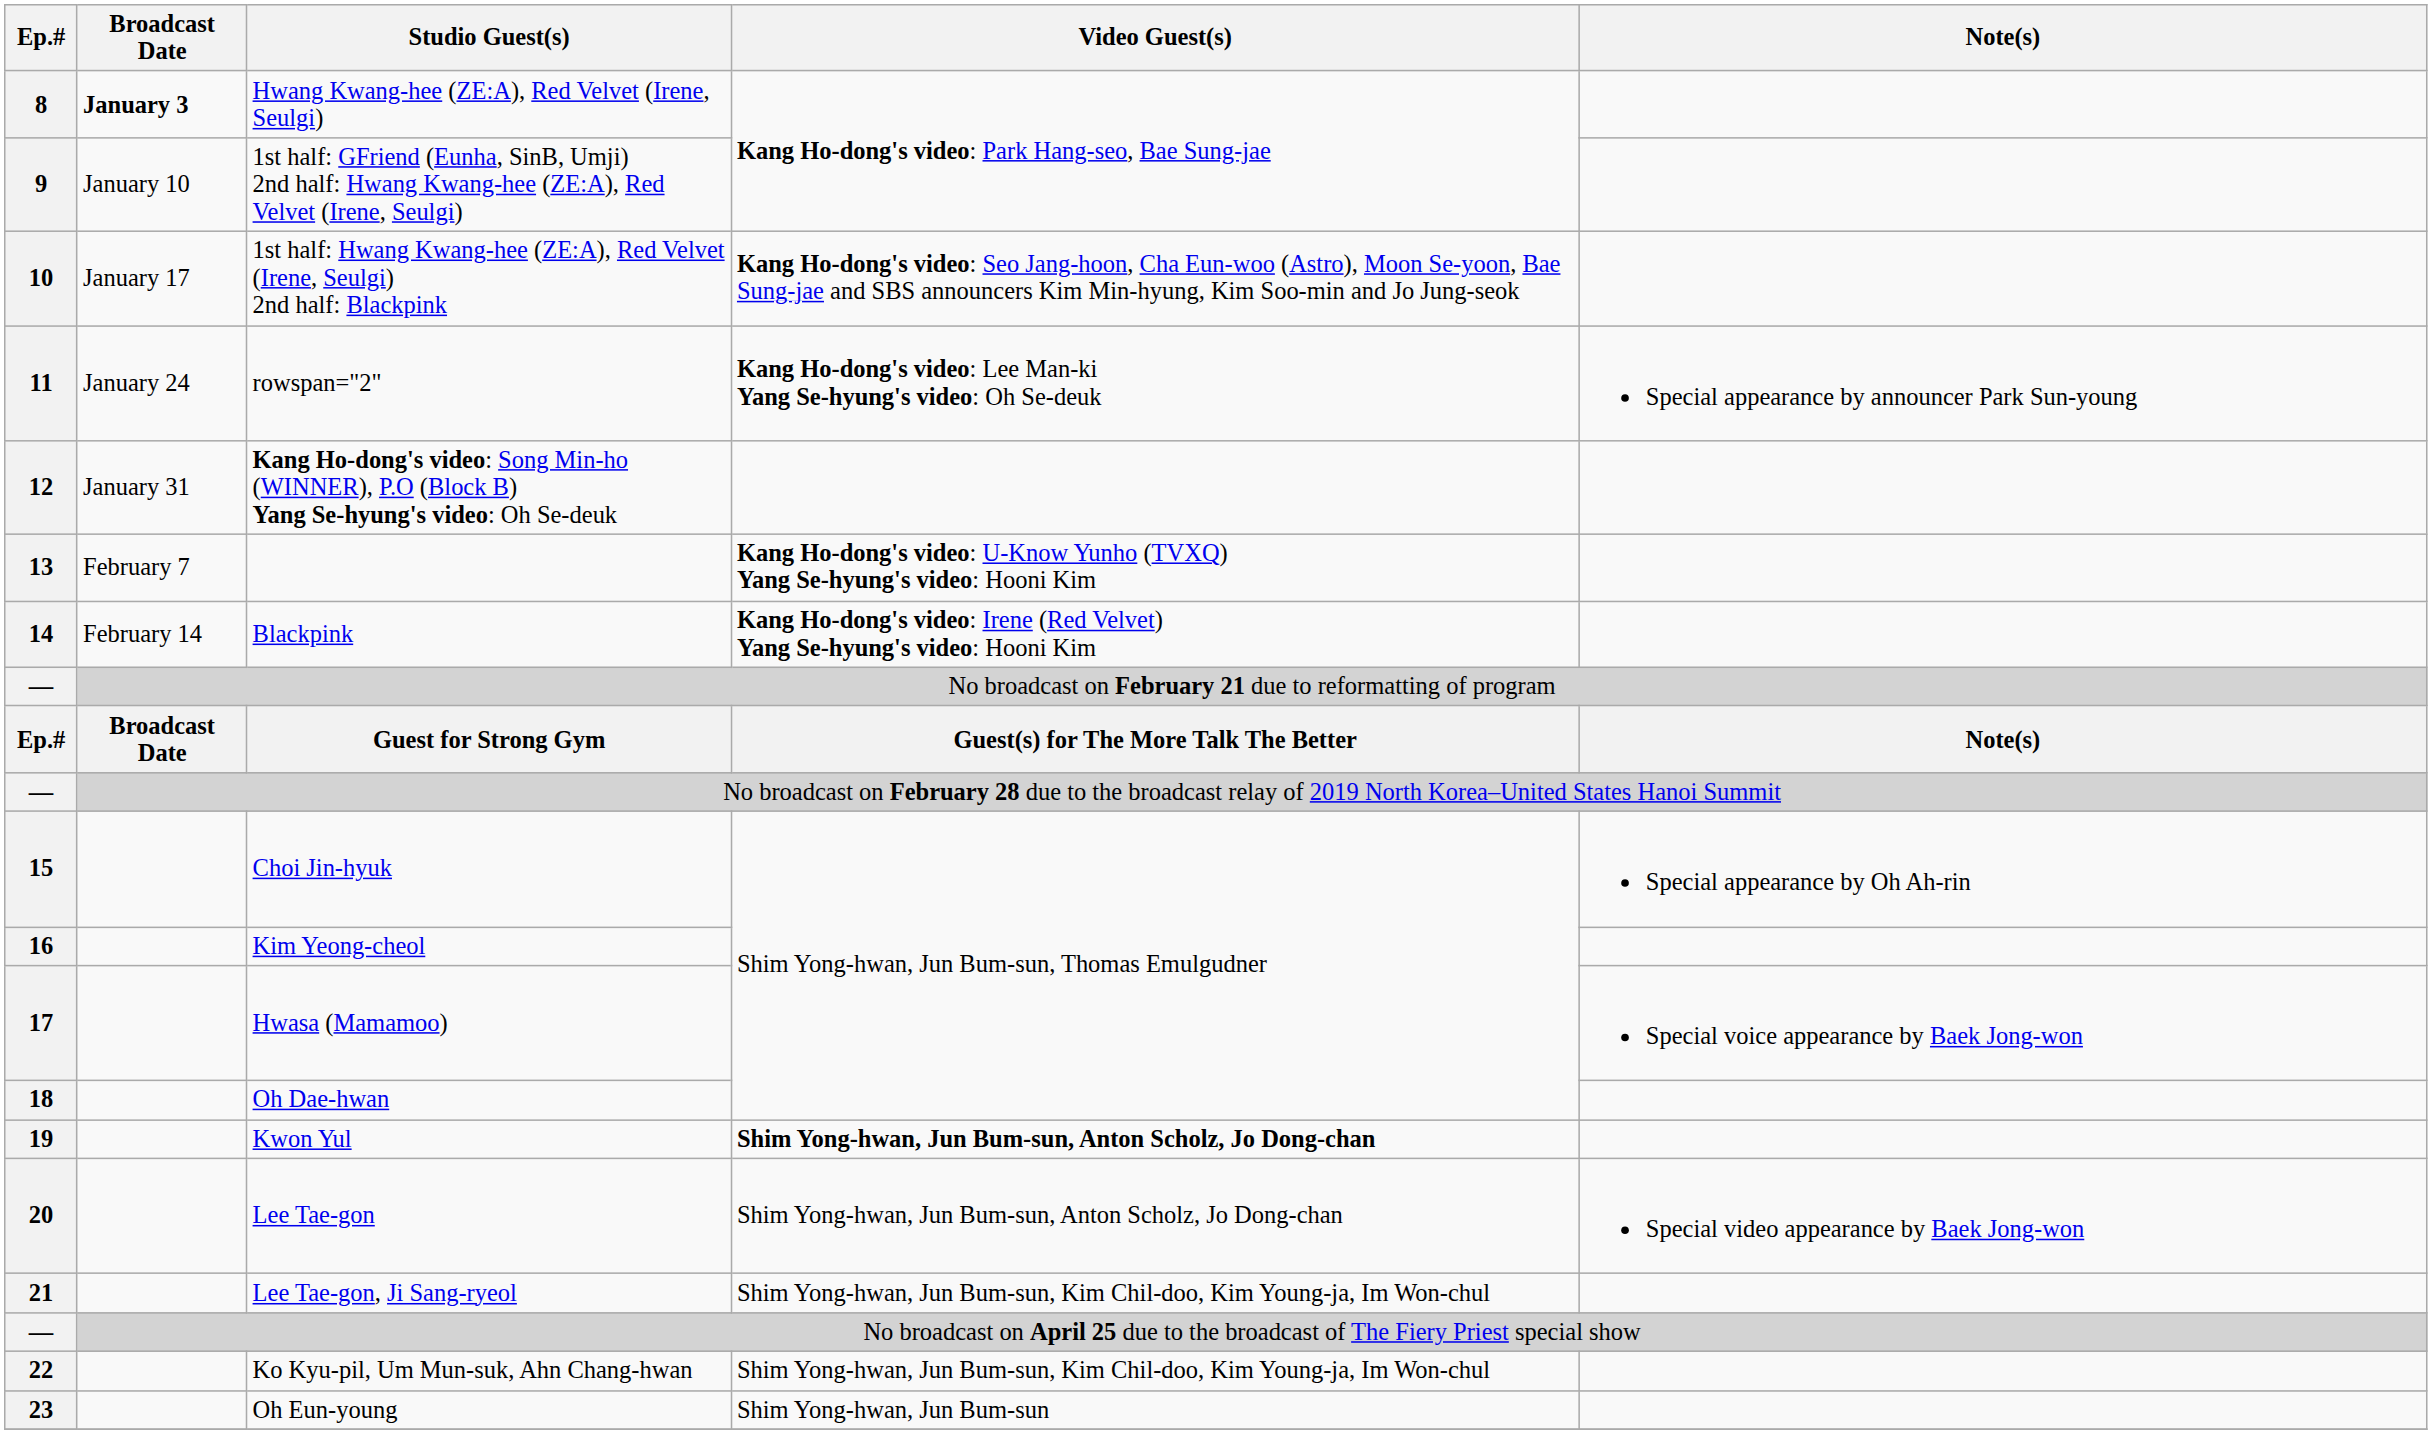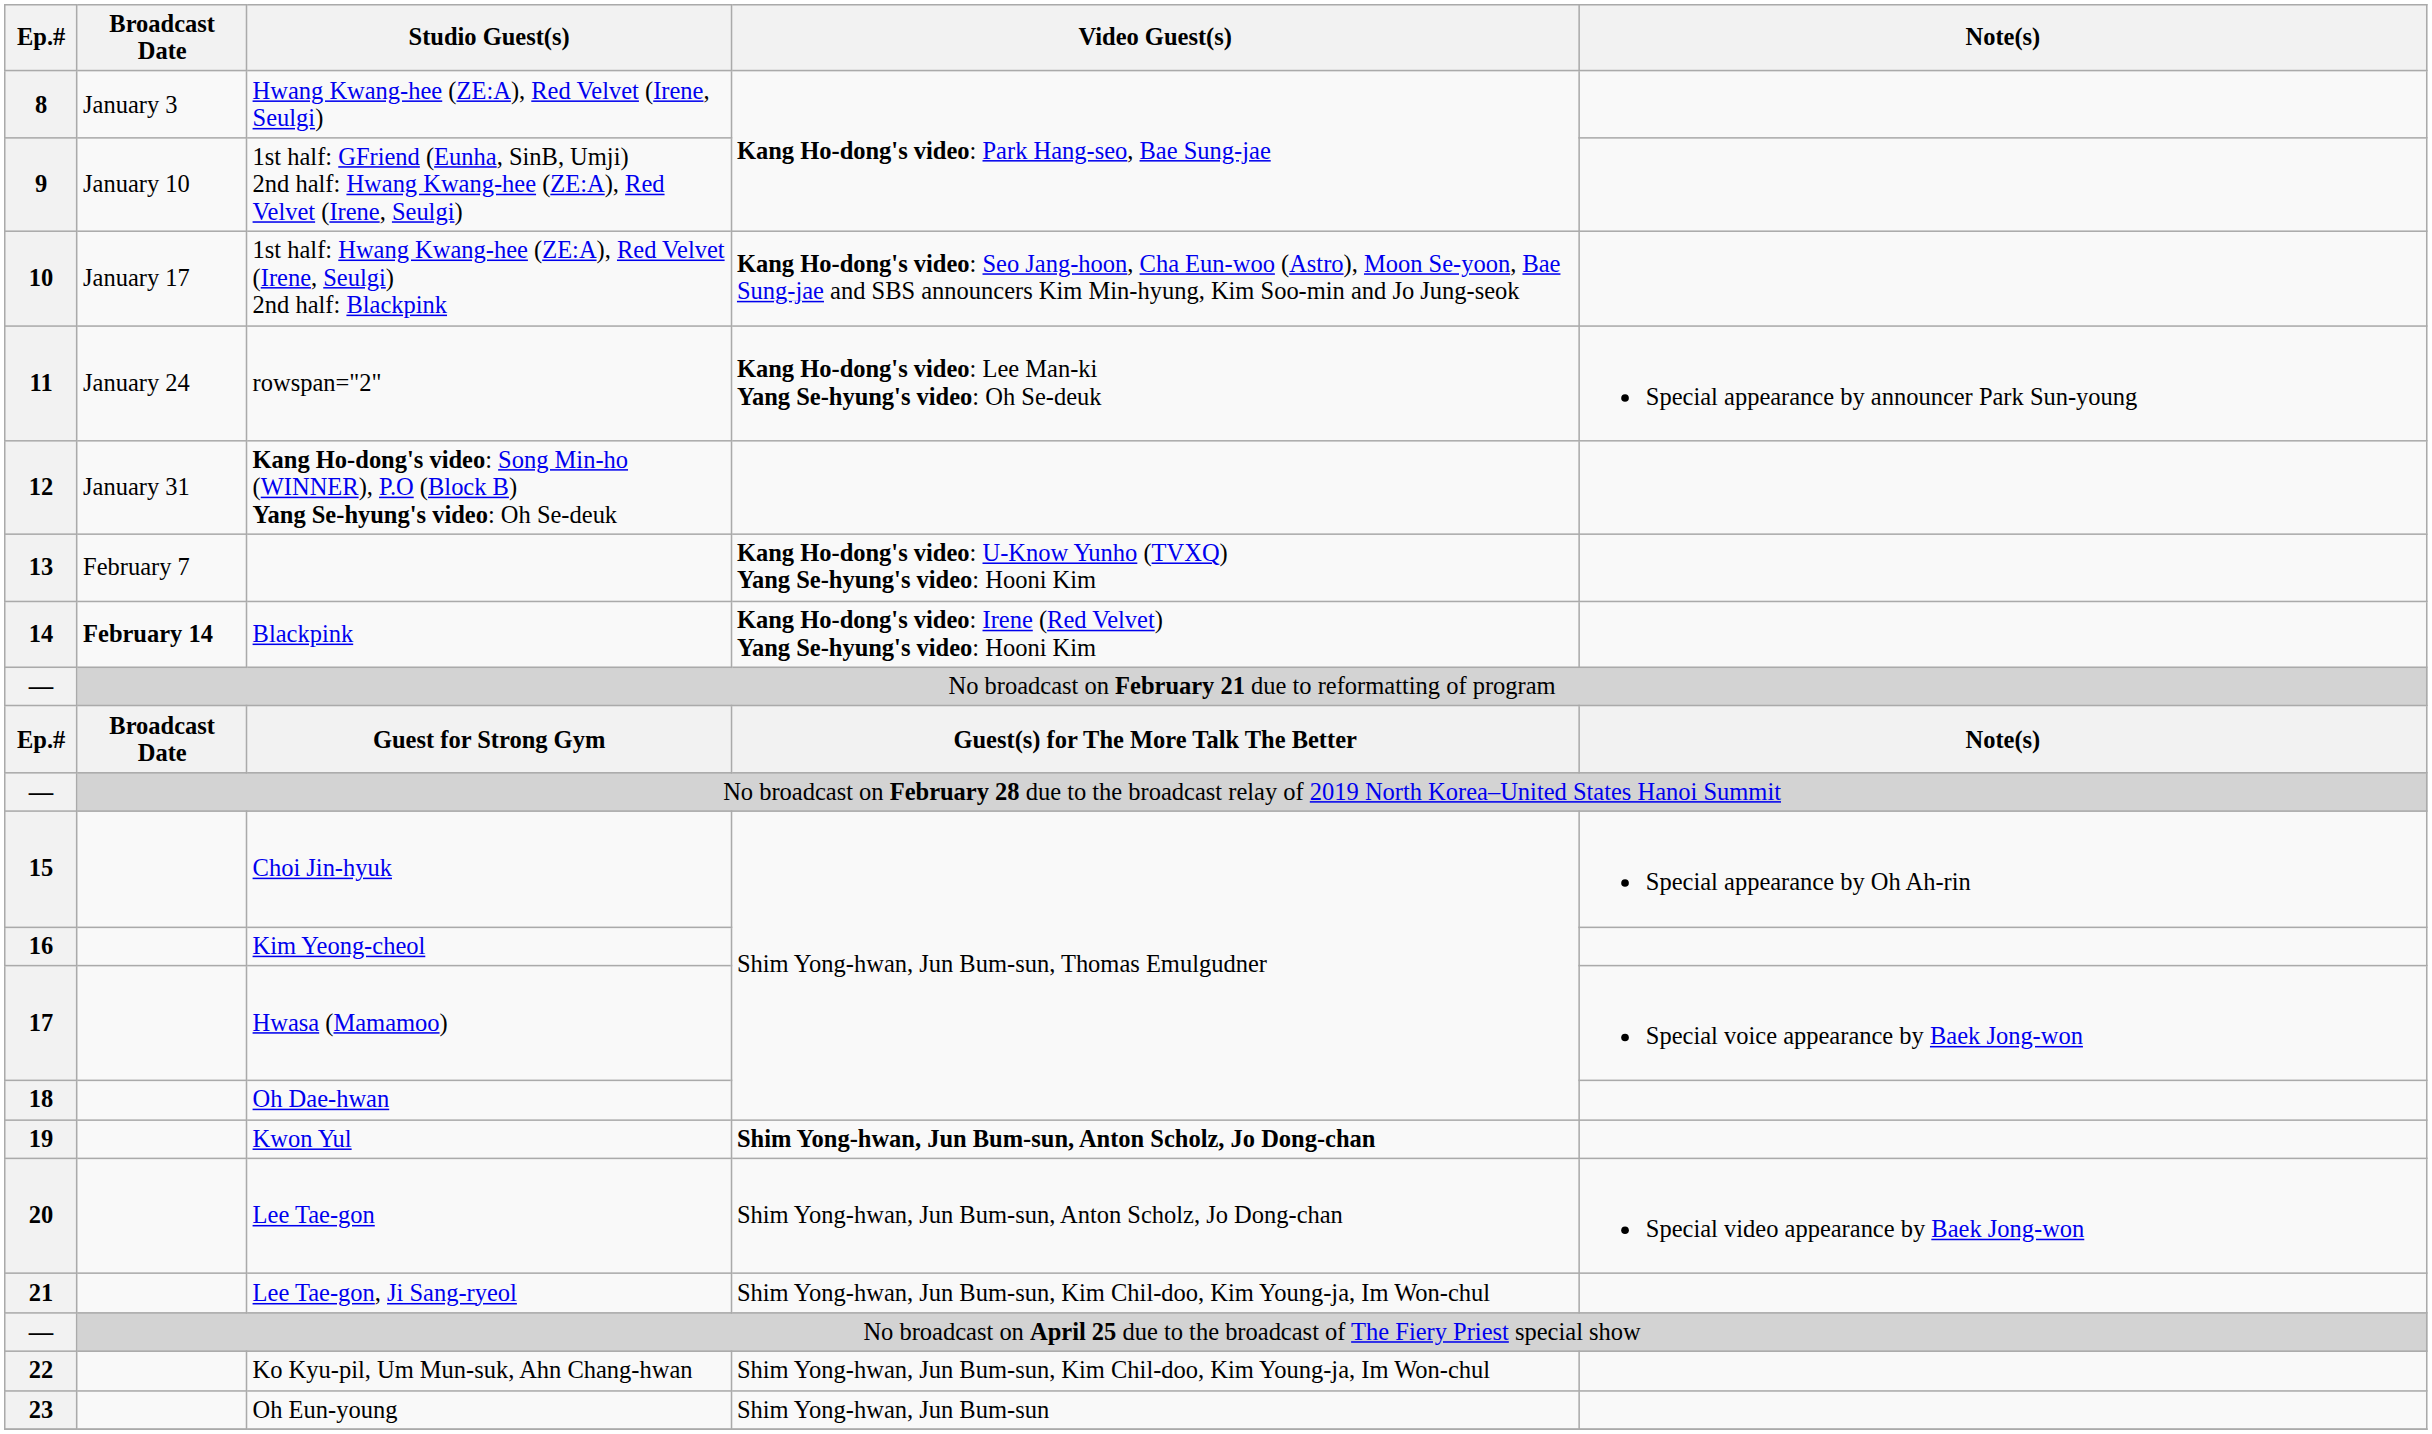 <table Class ="wikitable" style="width: 100%" style="text-align:center">
 <tr>
 <th width=3%>Ep.#</th>
 <th width=7%>Broadcast Date</th>
 <th width=20%>Studio Guest(s)</th>
 <th width=35%>Video Guest(s)</th>
 <th width=35%>Note(s)</th>
 </tr>
 <tr>
 <th>8</th>
-<td><strong>January 3</strong></td>
+<td>January 3</td>
 <td><a href='#'>Hwang Kwang-hee</a> (<a href='#'>ZE:A</a>), <a href='#'>Red Velvet</a> (<a href='#'>Irene</a>, <a href='#'>Seulgi</a>)</td>
 <td rowspan="2"><strong>Kang Ho-dong's video</strong>: <a href='#'>Park Hang-seo</a>, <a href='#'>Bae Sung-jae</a></td>
 <td></td>
 </tr>
 <tr>
 <th>9</th>
 <td>January 10</td>
 <td>1st half: <a href='#'>GFriend</a> (<a href='#'>Eunha</a>, SinB, Umji)<br>2nd half: <a href='#'>Hwang Kwang-hee</a> (<a href='#'>ZE:A</a>), <a href='#'>Red Velvet</a> (<a href='#'>Irene</a>, <a href='#'>Seulgi</a>)</td>
 <td></td>
 </tr>
 <tr>
 <th>10</th>
 <td>January 17</td>
 <td>1st half: <a href='#'>Hwang Kwang-hee</a> (<a href='#'>ZE:A</a>), <a href='#'>Red Velvet</a> (<a href='#'>Irene</a>, <a href='#'>Seulgi</a>)<br>2nd half: <a href='#'>Blackpink</a></td>
 <td><strong>Kang Ho-dong's video</strong>: <a href='#'>Seo Jang-hoon</a>, <a href='#'>Cha Eun-woo</a> (<a href='#'>Astro</a>), <a href='#'>Moon Se-yoon</a>, <a href='#'>Bae Sung-jae</a> and SBS announcers Kim Min-hyung, Kim Soo-min and Jo Jung-seok</td>
 <td></td>
 </tr>
 <tr>
 <th>11</th>
 <td>January 24</td>
 <td>rowspan="2" </td>
 <td><strong>Kang Ho-dong's video</strong>: Lee Man-ki<br><strong>Yang Se-hyung's video</strong>: Oh Se-deuk</td>
 <td><br><ul><li>Special appearance by announcer Park Sun-young</li></ul></td>
 </tr>
 <tr>
 <th>12</th>
 <td>January 31</td>
 <td><strong>Kang Ho-dong's video</strong>: <a href='#'>Song Min-ho</a> (<a href='#'>WINNER</a>), <a href='#'>P.O</a> (<a href='#'>Block B</a>)<br><strong>Yang Se-hyung's video</strong>: Oh Se-deuk</td>
 <td></td>
 </tr>
 <tr>
 <th>13</th>
 <td>February 7</td>
 <td></td>
 <td><strong>Kang Ho-dong's video</strong>: <a href='#'>U-Know Yunho</a> (<a href='#'>TVXQ</a>)<br><strong>Yang Se-hyung's video</strong>: Hooni Kim</td>
 <td></td>
 </tr>
 <tr>
 <th>14</th>
-<td>February 14</td>
+<td><strong>February 14</strong></td>
 <td><a href='#'>Blackpink</a></td>
 <td><strong>Kang Ho-dong's video</strong>: <a href='#'>Irene</a> (<a href='#'>Red Velvet</a>)<br><strong>Yang Se-hyung's video</strong>: Hooni Kim</td>
 <td></td>
 </tr>
 <tr>
 <th><strong>—</strong></th>
 <td colspan="5" style="text-align:center;background:Lightgray">No broadcast on <strong>February 21</strong> due to reformatting of program</td>
 </tr>
 <tr>
 <th>Ep.#</th>
 <th>Broadcast Date</th>
 <th>Guest for Strong Gym</th>
 <th>Guest(s) for The More Talk The Better</th>
 <th>Note(s)</th>
 </tr>
 <tr>
 <th><strong>—</strong></th>
 <td colspan="4" style="text-align:center;background:Lightgray">No broadcast on <strong>February 28</strong> due to the broadcast relay of <a href='#'>2019 North Korea–United States Hanoi Summit</a></td>
 </tr>
 <tr>
 <th>15</th>
 <td></td>
 <td><a href='#'>Choi Jin-hyuk</a></td>
 <td rowspan="4">Shim Yong-hwan, Jun Bum-sun, Thomas Emulgudner</td>
 <td><br><ul><li>Special appearance by Oh Ah-rin</li></ul></td>
 </tr>
 <tr>
 <th>16</th>
 <td></td>
 <td><a href='#'>Kim Yeong-cheol</a></td>
 <td></td>
 </tr>
 <tr>
 <th>17</th>
 <td></td>
 <td><a href='#'>Hwasa</a> (<a href='#'>Mamamoo</a>)</td>
 <td><br><ul><li>Special voice appearance by <a href='#'>Baek Jong-won</a></li></ul></td>
 </tr>
 <tr>
 <th>18</th>
 <td></td>
 <td><a href='#'>Oh Dae-hwan</a></td>
 <td></td>
 </tr>
 <tr>
 <th>19</th>
 <td></td>
 <td><a href='#'>Kwon Yul</a></td>
 <td><strong>Shim Yong-hwan, Jun Bum-sun, Anton Scholz, Jo Dong-chan</strong></td>
 <td></td>
 </tr>
 <tr>
 <th>20</th>
 <td></td>
 <td><a href='#'>Lee Tae-gon</a></td>
 <td>Shim Yong-hwan, Jun Bum-sun, Anton Scholz, Jo Dong-chan</td>
 <td><br><ul><li>Special video appearance by <a href='#'>Baek Jong-won</a></li></ul></td>
 </tr>
 <tr>
 <th>21</th>
 <td></td>
 <td><a href='#'>Lee Tae-gon</a>, <a href='#'>Ji Sang-ryeol</a></td>
 <td>Shim Yong-hwan, Jun Bum-sun, Kim Chil-doo, Kim Young-ja, Im Won-chul</td>
 <td></td>
 </tr>
 <tr>
 <th><strong>—</strong></th>
 <td colspan="4" style="text-align:center;background:Lightgray">No broadcast on <strong>April 25</strong> due to the broadcast of <a href='#'>The Fiery Priest</a> special show</td>
 </tr>
 <tr>
 <th>22</th>
 <td></td>
 <td>Ko Kyu-pil, Um Mun-suk, Ahn Chang-hwan</td>
 <td>Shim Yong-hwan, Jun Bum-sun, Kim Chil-doo, Kim Young-ja, Im Won-chul</td>
 <td></td>
 </tr>
 <tr>
 <th>23</th>
 <td></td>
 <td>Oh Eun-young</td>
 <td>Shim Yong-hwan, Jun Bum-sun</td>
 <td></td>
 </tr>
 <tr>
 </tr>
 </table>
